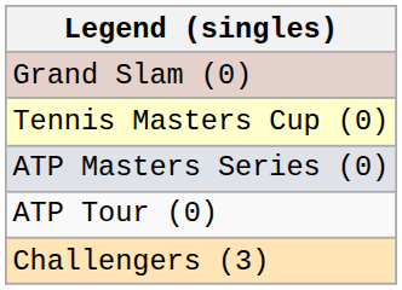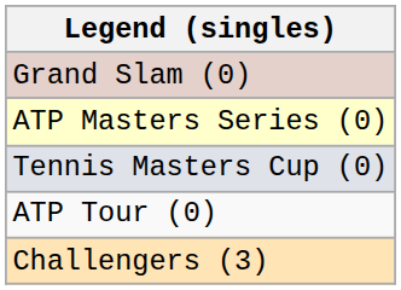 <table class="wikitable">
 <tr>
 <th>Legend (singles)</th>
 </tr>
 <tr bgcolor="#e5d1cb">
 <td>Grand Slam (0)</td>
 </tr>
 <tr bgcolor="ffffcc">
-<td>Tennis Masters Cup (0)</td>
+<td>ATP Masters Series (0)</td>
 </tr>
 <tr bgcolor="#dfe2e9">
-<td>ATP Masters Series (0)</td>
+<td>Tennis Masters Cup (0)</td>
 </tr>
 <tr>
 <td>ATP Tour (0)</td>
 </tr>
 <tr bgcolor="moccasin">
 <td>Challengers (3)</td>
 </tr>
 </table>
